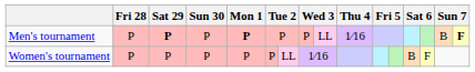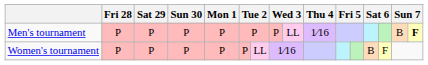 <table class="wikitable" style="margin:0.5em auto; font-size:90%; line-height:1.25em; text-align:center">
 <tr>
 <th></th>
 <th>Fri 28</th>
 <th>Sat 29</th>
 <th>Sun 30</th>
 <th>Mon 1</th>
 <th colspan="2">Tue 2</th>
 <th colspan="2">Wed 3</th>
 <th>Thu 4</th>
 <th colspan="2">Fri 5</th>
 <th colspan="2">Sat 6</th>
 <th colspan="2">Sun 7</th>
 </tr>
 <tr>
 <td align="left"><a href='#'>Men's tournament</a></td>
 <td bgcolor="#FFBBBB">P</td>
-<td bgcolor="#FFBBBB"><strong>P</strong></td>
 <td bgcolor="#FFBBBB">P</td>
-<td bgcolor="#FFBBBB"><strong>P</strong></td>
+<td bgcolor="#FFBBBB">P</td>
+<td bgcolor="#FFBBBB">P</td>
 <td colspan="2" bgcolor="#FFBBBB">P</td>
 <td bgcolor="#FFBBBB">P</td>
 <td bgcolor="#FFCCEE">LL</td>
 <td bgcolor="#DDBBFF">1⁄16</td>
 <td colspan="2" bgcolor="#CCCCFF"></td>
 <td bgcolor="#BBF3FF"></td>
 <td bgcolor="#BBF3BB"></td>
 <td bgcolor="#FEDCBA">B</td>
 <td bgcolor="#FFFFBB"><strong>F</strong></td>
 </tr>
 <tr>
 <td align="left"><a href='#'>Women's tournament</a></td>
 <td bgcolor="#FFBBBB">P</td>
 <td bgcolor="#FFBBBB">P</td>
 <td bgcolor="#FFBBBB">P</td>
 <td bgcolor="#FFBBBB">P</td>
 <td bgcolor="#FFBBBB">P</td>
 <td bgcolor="#FFCCEE">LL</td>
 <td colspan="2" bgcolor="#DDBBFF">1⁄16</td>
 <td bgcolor="#CCCCFF"></td>
 <td bgcolor="#BBF3FF"></td>
 <td bgcolor="#BBF3BB"></td>
 <td bgcolor="#FEDCBA">B</td>
 <td bgcolor="#FFFFBB">F</td>
 <td colspan="2"></td>
 </tr>
 </table>
